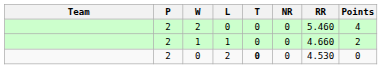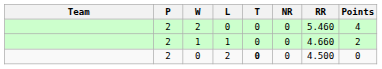 <table class="wikitable" style="text-align: center;">
 <tr>
 <th style="width:40%;">Team</th>
 <th style="width:8%;">P</th>
 <th style="width:8%;">W</th>
 <th style="width:8%;">L</th>
 <th style="width:8%;">T</th>
 <th style="width:8%;">NR</th>
 <th style="width:10%;">RR</th>
 <th style="width:10%;">Points</th>
 </tr>
 <tr style="background:#cfc;">
 <td align=left></td>
 <td>2</td>
 <td>2</td>
 <td>0</td>
 <td>0</td>
 <td>0</td>
 <td>5.460</td>
 <td>4</td>
 </tr>
 <tr style="background:#cfc;">
 <td align=left></td>
 <td>2</td>
 <td>1</td>
 <td>1</td>
 <td>0</td>
 <td>0</td>
 <td>4.660</td>
 <td>2</td>
 </tr>
 <tr>
 <td align=left></td>
 <td>2</td>
 <td>0</td>
 <td>2</td>
 <td><strong>0</strong></td>
 <td>0</td>
-<td>4.530</td>
+<td>4.500</td>
 <td>0</td>
 </tr>
 </table>
